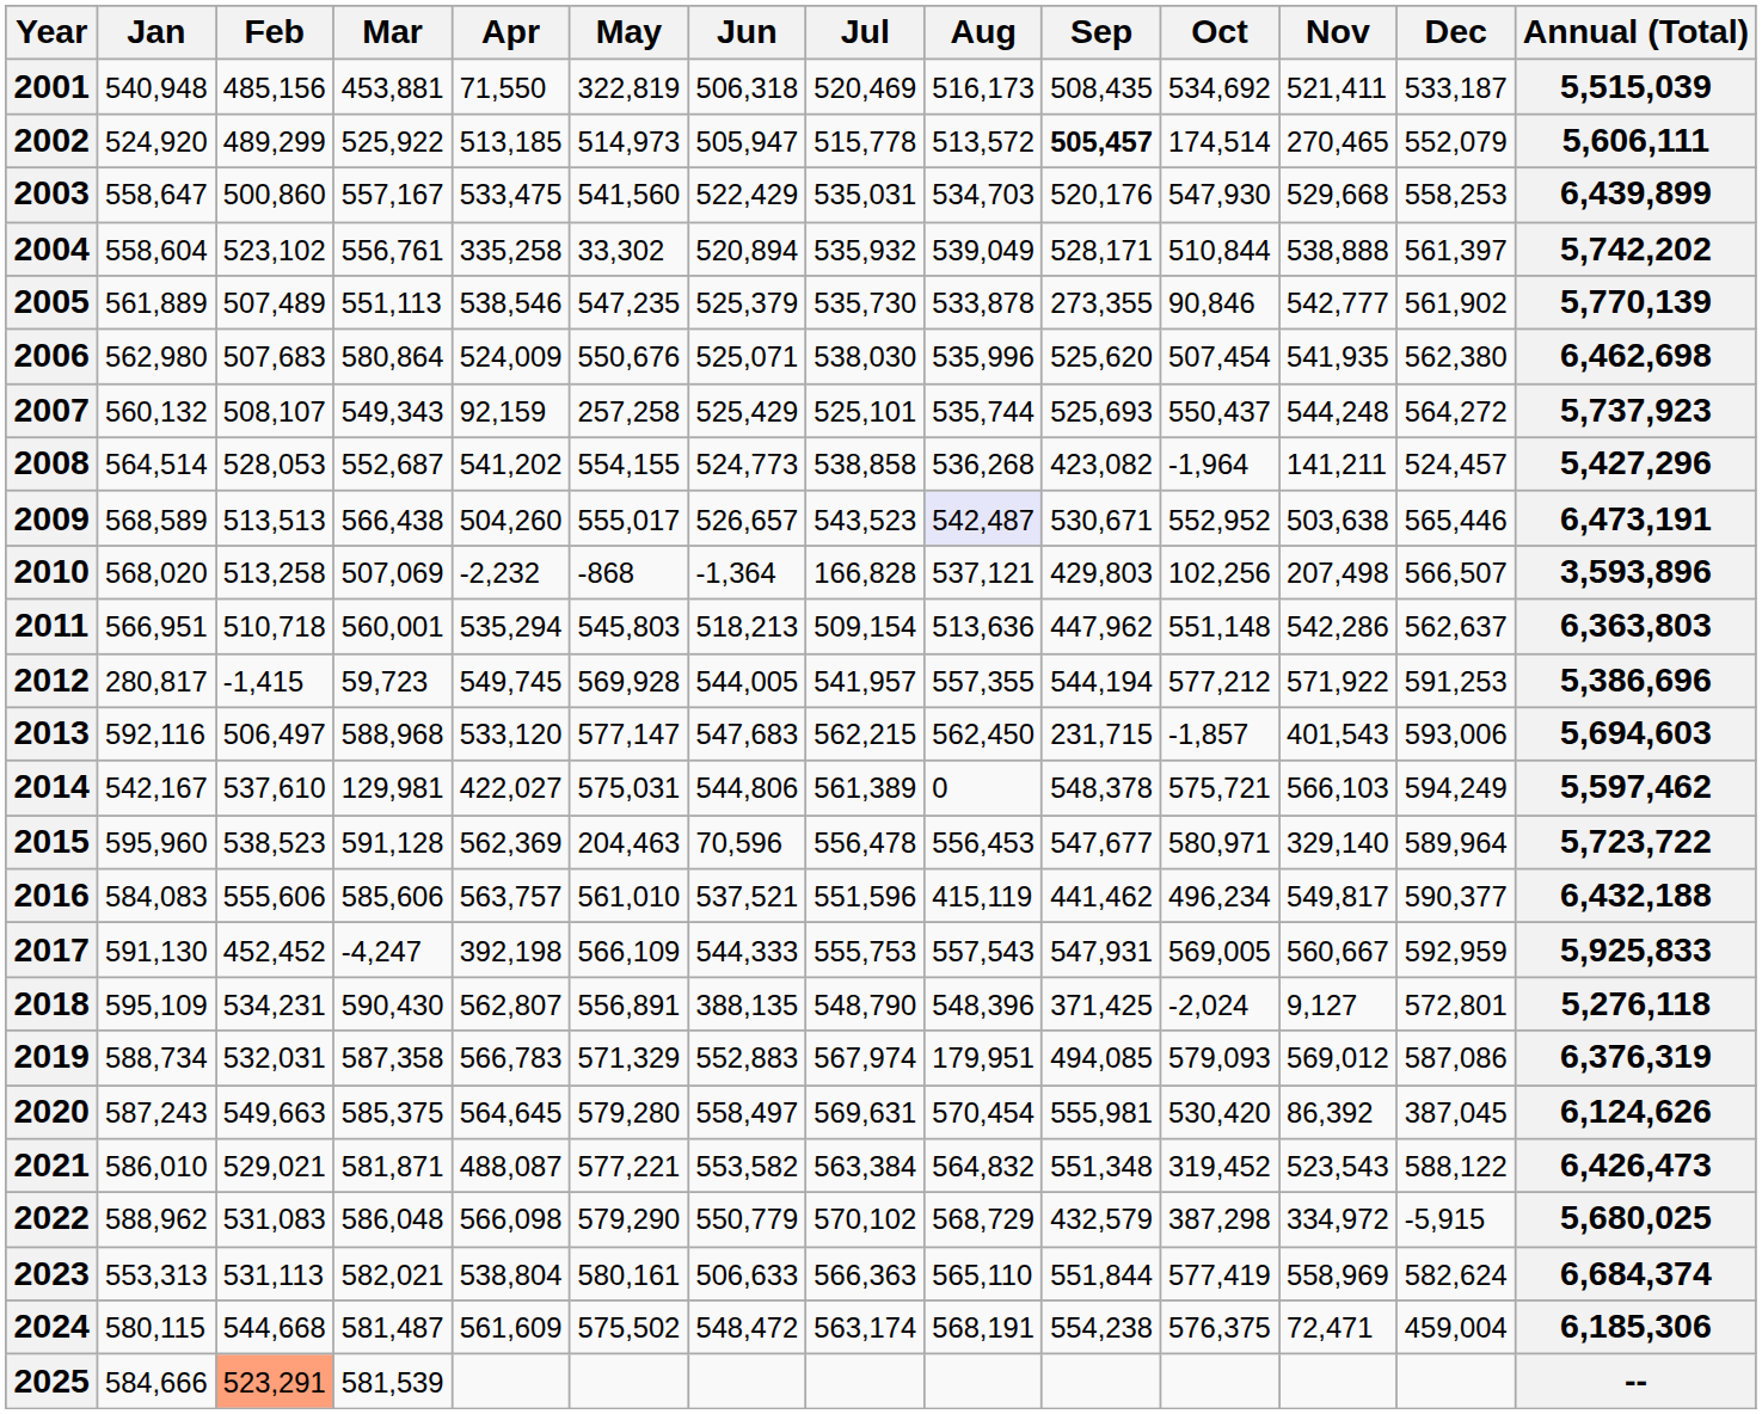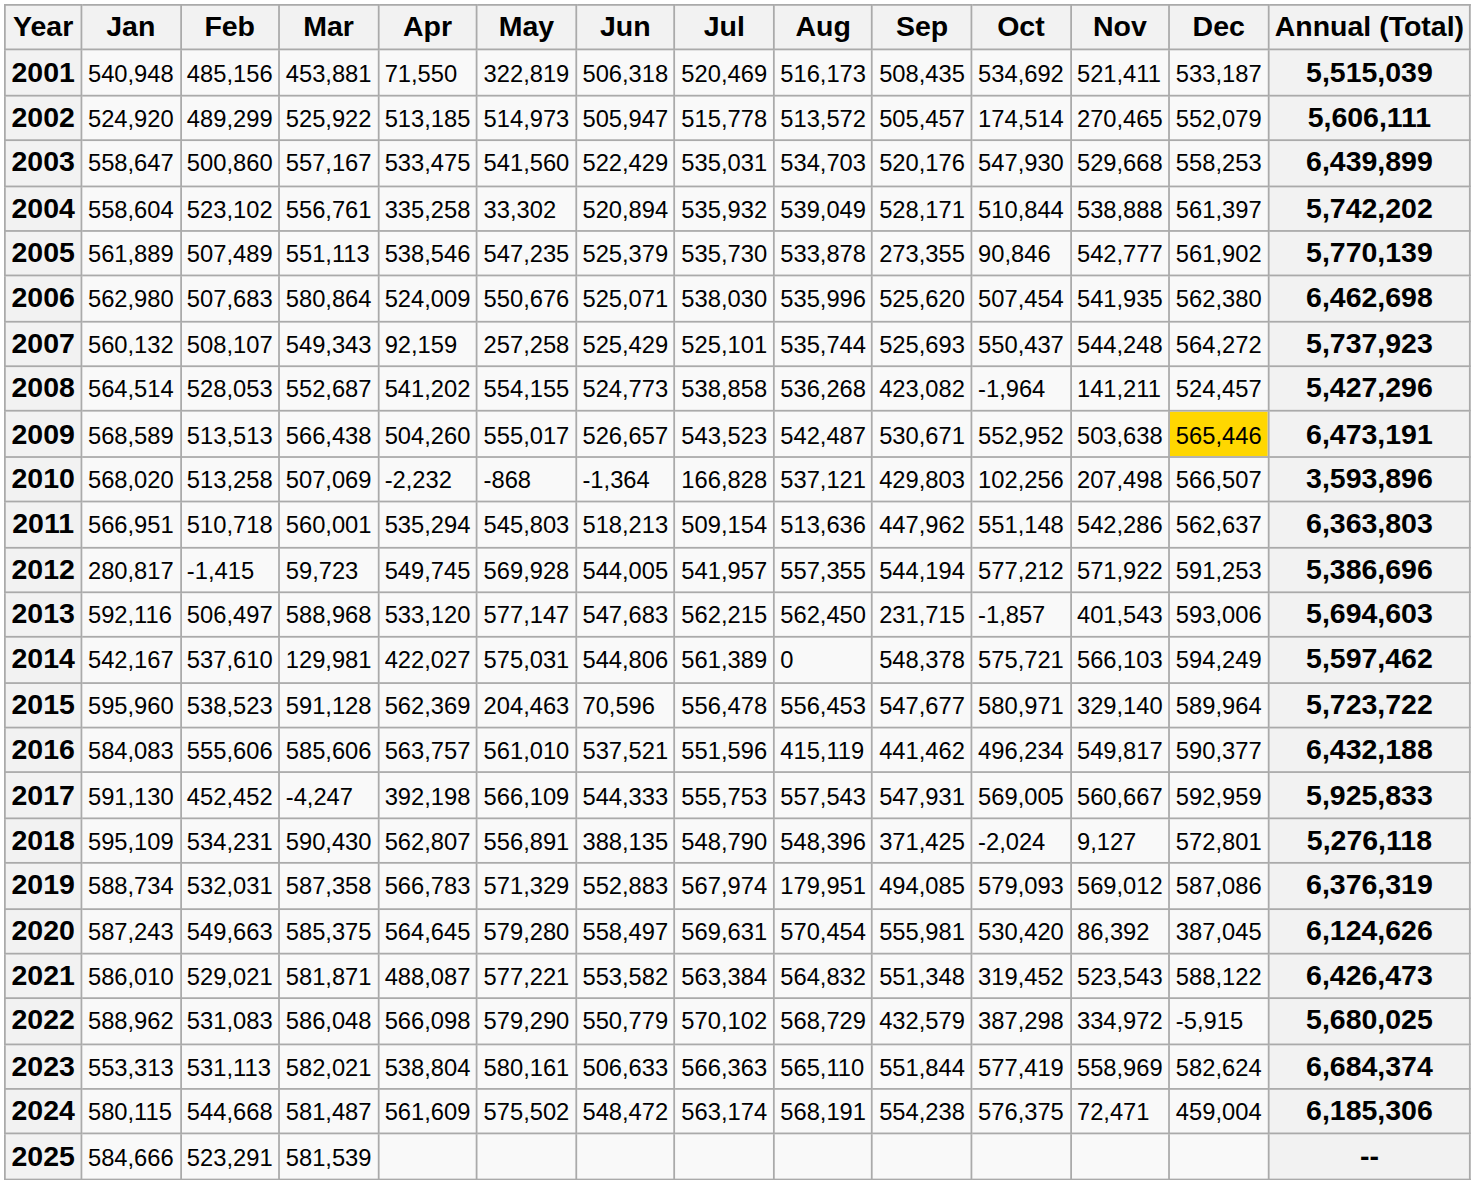 <table class="wikitable">
 <tr>
 <th>Year</th>
 <th>Jan</th>
 <th>Feb</th>
 <th>Mar</th>
 <th>Apr</th>
 <th>May</th>
 <th>Jun</th>
 <th>Jul</th>
 <th>Aug</th>
 <th>Sep</th>
 <th>Oct</th>
 <th>Nov</th>
 <th>Dec</th>
 <th>Annual (Total)</th>
 </tr>
 <tr>
 <th>2001</th>
 <td><small>540,948</small></td>
 <td><small>485,156</small></td>
 <td><small>453,881</small></td>
 <td><small>71,550</small></td>
 <td><small>322,819</small></td>
 <td><small>506,318</small></td>
 <td><small>520,469</small></td>
 <td><small>516,173</small></td>
 <td><small>508,435</small></td>
 <td><small>534,692</small></td>
 <td><small>521,411</small></td>
 <td><small>533,187</small></td>
 <th>5,515,039</th>
 </tr>
 <tr>
 <th>2002</th>
 <td><small>524,920</small></td>
 <td><small>489,299</small></td>
 <td><small>525,922</small></td>
 <td><small>513,185</small></td>
 <td><small>514,973</small></td>
 <td><small>505,947</small></td>
 <td><small>515,778</small></td>
 <td><small>513,572</small></td>
-<td><strong><small>505,457</small></strong></td>
+<td><small>505,457</small></td>
 <td><small>174,514</small></td>
 <td><small>270,465</small></td>
 <td><small>552,079</small></td>
 <th>5,606,111</th>
 </tr>
 <tr>
 <th>2003</th>
 <td><small>558,647</small></td>
 <td><small>500,860</small></td>
 <td><small>557,167</small></td>
 <td><small>533,475</small></td>
 <td><small>541,560</small></td>
 <td><small>522,429</small></td>
 <td><small>535,031</small></td>
 <td><small>534,703</small></td>
 <td><small>520,176</small></td>
 <td><small>547,930</small></td>
 <td><small>529,668</small></td>
 <td><small>558,253</small></td>
 <th>6,439,899</th>
 </tr>
 <tr>
 <th>2004</th>
 <td><small>558,604</small></td>
 <td><small>523,102</small></td>
 <td><small>556,761</small></td>
 <td><small>335,258</small></td>
 <td><small>33,302</small></td>
 <td><small>520,894</small></td>
 <td><small>535,932</small></td>
 <td><small>539,049</small></td>
 <td><small>528,171</small></td>
 <td><small>510,844</small></td>
 <td><small>538,888</small></td>
 <td><small>561,397</small></td>
 <th>5,742,202</th>
 </tr>
 <tr>
 <th>2005</th>
 <td><small>561,889</small></td>
 <td><small>507,489</small></td>
 <td><small>551,113</small></td>
 <td><small>538,546</small></td>
 <td><small>547,235</small></td>
 <td><small>525,379</small></td>
 <td><small>535,730</small></td>
 <td><small>533,878</small></td>
 <td><small>273,355</small></td>
 <td><small>90,846</small></td>
 <td><small>542,777</small></td>
 <td><small>561,902</small></td>
 <th>5,770,139</th>
 </tr>
 <tr>
 <th>2006</th>
 <td><small>562,980</small></td>
 <td><small>507,683</small></td>
 <td><small>580,864</small></td>
 <td><small>524,009</small></td>
 <td><small>550,676</small></td>
 <td><small>525,071</small></td>
 <td><small>538,030</small></td>
 <td><small>535,996</small></td>
 <td><small>525,620</small></td>
 <td><small>507,454</small></td>
 <td><small>541,935</small></td>
 <td><small>562,380</small></td>
 <th>6,462,698</th>
 </tr>
 <tr>
 <th>2007</th>
 <td><small>560,132</small></td>
 <td><small>508,107</small></td>
 <td><small>549,343</small></td>
 <td><small>92,159</small></td>
 <td><small>257,258</small></td>
 <td><small>525,429</small></td>
 <td><small>525,101</small></td>
 <td><small>535,744</small></td>
 <td><small>525,693</small></td>
 <td><small>550,437</small></td>
 <td><small>544,248</small></td>
 <td><small>564,272</small></td>
 <th>5,737,923</th>
 </tr>
 <tr>
 <th>2008</th>
 <td><small>564,514</small></td>
 <td><small>528,053</small></td>
 <td><small>552,687</small></td>
 <td><small>541,202</small></td>
 <td><small>554,155</small></td>
 <td><small>524,773</small></td>
 <td><small>538,858</small></td>
 <td><small>536,268</small></td>
 <td><small>423,082</small></td>
 <td><small>-1,964</small></td>
 <td><small>141,211</small></td>
 <td><small>524,457</small></td>
 <th>5,427,296</th>
 </tr>
 <tr>
 <th>2009</th>
 <td><small>568,589</small></td>
 <td><small>513,513</small></td>
 <td><small>566,438</small></td>
 <td><small>504,260</small></td>
 <td><small>555,017</small></td>
 <td><small>526,657</small></td>
 <td><small>543,523</small></td>
-<td style="background: lavender;"><small>542,487</small></td>
+<td><small>542,487</small></td>
 <td><small>530,671</small></td>
 <td><small>552,952</small></td>
 <td><small>503,638</small></td>
-<td><small>565,446</small></td>
+<td style="background: gold;"><small>565,446</small></td>
 <th>6,473,191</th>
 </tr>
 <tr>
 <th>2010</th>
 <td><small>568,020</small></td>
 <td><small>513,258</small></td>
 <td><small>507,069</small></td>
 <td><small>-2,232</small></td>
 <td><small>-868</small></td>
 <td><small>-1,364</small></td>
 <td><small>166,828</small></td>
 <td><small>537,121</small></td>
 <td><small>429,803</small></td>
 <td><small>102,256</small></td>
 <td><small>207,498</small></td>
 <td><small>566,507</small></td>
 <th>3,593,896</th>
 </tr>
 <tr>
 <th>2011</th>
 <td><small>566,951</small></td>
 <td><small>510,718</small></td>
 <td><small>560,001</small></td>
 <td><small>535,294</small></td>
 <td><small>545,803</small></td>
 <td><small>518,213</small></td>
 <td><small>509,154</small></td>
 <td><small>513,636</small></td>
 <td><small>447,962</small></td>
 <td><small>551,148</small></td>
 <td><small>542,286</small></td>
 <td><small>562,637</small></td>
 <th>6,363,803</th>
 </tr>
 <tr>
 <th>2012</th>
 <td><small>280,817</small></td>
 <td><small>-1,415</small></td>
 <td><small>59,723</small></td>
 <td><small>549,745</small></td>
 <td><small>569,928</small></td>
 <td><small>544,005</small></td>
 <td><small>541,957</small></td>
 <td><small>557,355</small></td>
 <td><small>544,194</small></td>
 <td><small>577,212</small></td>
 <td><small>571,922</small></td>
 <td><small>591,253</small></td>
 <th>5,386,696</th>
 </tr>
 <tr>
 <th>2013</th>
 <td><small>592,116</small></td>
 <td><small>506,497</small></td>
 <td><small>588,968</small></td>
 <td><small>533,120</small></td>
 <td><small>577,147</small></td>
 <td><small>547,683</small></td>
 <td><small>562,215</small></td>
 <td><small>562,450</small></td>
 <td><small>231,715</small></td>
 <td><small>-1,857</small></td>
 <td><small>401,543</small></td>
 <td><small>593,006</small></td>
 <th>5,694,603</th>
 </tr>
 <tr>
 <th>2014</th>
 <td><small>542,167</small></td>
 <td><small>537,610</small></td>
 <td><small>129,981</small></td>
 <td><small>422,027</small></td>
 <td><small>575,031</small></td>
 <td><small>544,806</small></td>
 <td><small>561,389</small></td>
 <td><small>0</small></td>
 <td><small>548,378</small></td>
 <td><small>575,721</small></td>
 <td><small>566,103</small></td>
 <td><small>594,249</small></td>
 <th>5,597,462</th>
 </tr>
 <tr>
 <th>2015</th>
 <td><small>595,960</small></td>
 <td><small>538,523</small></td>
 <td><small>591,128</small></td>
 <td><small>562,369</small></td>
 <td><small>204,463</small></td>
 <td><small>70,596</small></td>
 <td><small>556,478</small></td>
 <td><small>556,453</small></td>
 <td><small>547,677</small></td>
 <td><small>580,971</small></td>
 <td><small>329,140</small></td>
 <td><small>589,964</small></td>
 <th>5,723,722</th>
 </tr>
 <tr>
 <th>2016</th>
 <td><small>584,083</small></td>
 <td><small>555,606</small></td>
 <td><small>585,606</small></td>
 <td><small>563,757</small></td>
 <td><small>561,010</small></td>
 <td><small>537,521</small></td>
 <td><small>551,596</small></td>
 <td><small>415,119</small></td>
 <td><small>441,462</small></td>
 <td><small>496,234</small></td>
 <td><small>549,817</small></td>
 <td><small>590,377</small></td>
 <th>6,432,188</th>
 </tr>
 <tr>
 <th>2017</th>
 <td><small>591,130</small></td>
 <td><small>452,452</small></td>
 <td><small>-4,247</small></td>
 <td><small>392,198</small></td>
 <td><small>566,109</small></td>
 <td><small>544,333</small></td>
 <td><small>555,753</small></td>
 <td><small>557,543</small></td>
 <td><small>547,931</small></td>
 <td><small>569,005</small></td>
 <td><small>560,667</small></td>
 <td><small>592,959</small></td>
 <th>5,925,833</th>
 </tr>
 <tr>
 <th>2018</th>
 <td><small>595,109</small></td>
 <td><small>534,231</small></td>
 <td><small>590,430</small></td>
 <td><small>562,807</small></td>
 <td><small>556,891</small></td>
 <td><small>388,135</small></td>
 <td><small>548,790</small></td>
 <td><small>548,396</small></td>
 <td><small>371,425</small></td>
 <td><small>-2,024</small></td>
 <td><small>9,127</small></td>
 <td><small>572,801</small></td>
 <th>5,276,118</th>
 </tr>
 <tr>
 <th>2019</th>
 <td><small>588,734</small></td>
 <td><small>532,031</small></td>
 <td><small>587,358</small></td>
 <td><small>566,783</small></td>
 <td><small>571,329</small></td>
 <td><small>552,883</small></td>
 <td><small>567,974</small></td>
 <td><small>179,951</small></td>
 <td><small>494,085</small></td>
 <td><small>579,093</small></td>
 <td><small>569,012</small></td>
 <td><small>587,086</small></td>
 <th>6,376,319</th>
 </tr>
 <tr>
 <th>2020</th>
 <td><small>587,243</small></td>
 <td><small>549,663</small></td>
 <td><small>585,375</small></td>
 <td><small>564,645</small></td>
 <td><small>579,280</small></td>
 <td><small>558,497</small></td>
 <td><small>569,631</small></td>
 <td><small>570,454</small></td>
 <td><small>555,981</small></td>
 <td><small>530,420</small></td>
 <td><small>86,392</small></td>
 <td><small>387,045</small></td>
 <th>6,124,626</th>
 </tr>
 <tr>
 <th>2021</th>
 <td><small>586,010</small></td>
 <td><small>529,021</small></td>
 <td><small>581,871</small></td>
 <td><small>488,087</small></td>
 <td><small>577,221</small></td>
 <td><small>553,582</small></td>
 <td><small>563,384</small></td>
 <td><small>564,832</small></td>
 <td><small>551,348</small></td>
 <td><small>319,452</small></td>
 <td><small>523,543</small></td>
 <td><small>588,122</small></td>
 <th>6,426,473</th>
 </tr>
 <tr>
 <th>2022</th>
 <td><small>588,962</small></td>
 <td><small>531,083</small></td>
 <td><small>586,048</small></td>
 <td><small>566,098</small></td>
 <td><small>579,290</small></td>
 <td><small>550,779</small></td>
 <td><small>570,102</small></td>
 <td><small>568,729</small></td>
 <td><small>432,579</small></td>
 <td><small>387,298</small></td>
 <td><small>334,972</small></td>
 <td><small>-5,915</small></td>
 <th>5,680,025</th>
 </tr>
 <tr>
 <th>2023</th>
 <td><small>553,313</small></td>
 <td><small>531,113</small></td>
 <td><small>582,021</small></td>
 <td><small>538,804</small></td>
 <td><small>580,161</small></td>
 <td><small>506,633</small></td>
 <td><small>566,363</small></td>
 <td><small>565,110</small></td>
 <td><small>551,844</small></td>
 <td><small>577,419</small></td>
 <td><small>558,969</small></td>
 <td><small>582,624</small></td>
 <th>6,684,374</th>
 </tr>
 <tr>
 <th>2024</th>
 <td><small>580,115</small></td>
 <td><small>544,668</small></td>
 <td><small>581,487</small></td>
 <td><small>561,609</small></td>
 <td><small>575,502</small></td>
 <td><small>548,472</small></td>
 <td><small>563,174</small></td>
 <td><small>568,191</small></td>
 <td><small>554,238</small></td>
 <td><small>576,375</small></td>
 <td><small>72,471</small></td>
 <td><small>459,004</small></td>
 <th>6,185,306</th>
 </tr>
 <tr>
 <th>2025</th>
 <td><small>584,666</small></td>
-<td style="background: lightsalmon;"><small>523,291</small></td>
+<td><small>523,291</small></td>
 <td><small>581,539</small></td>
 <td><small></small></td>
 <td><small></small></td>
 <td><small></small></td>
 <td><small></small></td>
 <td><small></small></td>
 <td><small></small></td>
 <td><small></small></td>
 <td><small></small></td>
 <td><small></small></td>
 <th>--</th>
 </tr>
 <tr>
 </tr>
 </table>
